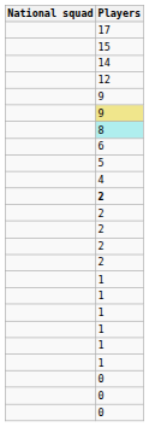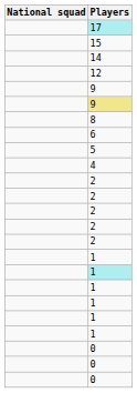 <table class="wikitable sortable">
 <tr>
 <th>National squad</th>
 <th>Players</th>
 </tr>
 <tr>
 <td></td>
-<td>17</td>
+<td style="background: paleturquoise;">17</td>
 </tr>
 <tr>
 <td></td>
 <td>15</td>
 </tr>
 <tr>
 <td></td>
 <td>14</td>
 </tr>
 <tr>
 <td></td>
 <td>12</td>
 </tr>
 <tr>
 <td></td>
 <td>9</td>
 </tr>
 <tr>
 <td></td>
 <td style="background: khaki;">9</td>
 </tr>
 <tr>
 <td></td>
-<td style="background: paleturquoise;">8</td>
+<td>8</td>
 </tr>
 <tr>
 <td></td>
 <td>6</td>
 </tr>
 <tr>
 <td></td>
 <td>5</td>
 </tr>
 <tr>
 <td></td>
 <td>4</td>
 </tr>
 <tr>
 <td></td>
-<td><strong>2</strong></td>
+<td>2</td>
 </tr>
 <tr>
 <td></td>
 <td>2</td>
 </tr>
 <tr>
 <td></td>
 <td>2</td>
 </tr>
 <tr>
 <td></td>
 <td>2</td>
 </tr>
 <tr>
 <td></td>
 <td>2</td>
 </tr>
 <tr>
 <td></td>
 <td>1</td>
 </tr>
 <tr>
 <td></td>
-<td>1</td>
+<td style="background: paleturquoise;">1</td>
 </tr>
 <tr>
 <td></td>
 <td>1</td>
 </tr>
 <tr>
 <td></td>
 <td>1</td>
 </tr>
 <tr>
 <td></td>
 <td>1</td>
 </tr>
 <tr>
 <td></td>
 <td>1</td>
 </tr>
 <tr>
 <td></td>
 <td>0</td>
 </tr>
 <tr>
 <td></td>
 <td>0</td>
 </tr>
 <tr>
 <td></td>
 <td>0</td>
 </tr>
 </table>
